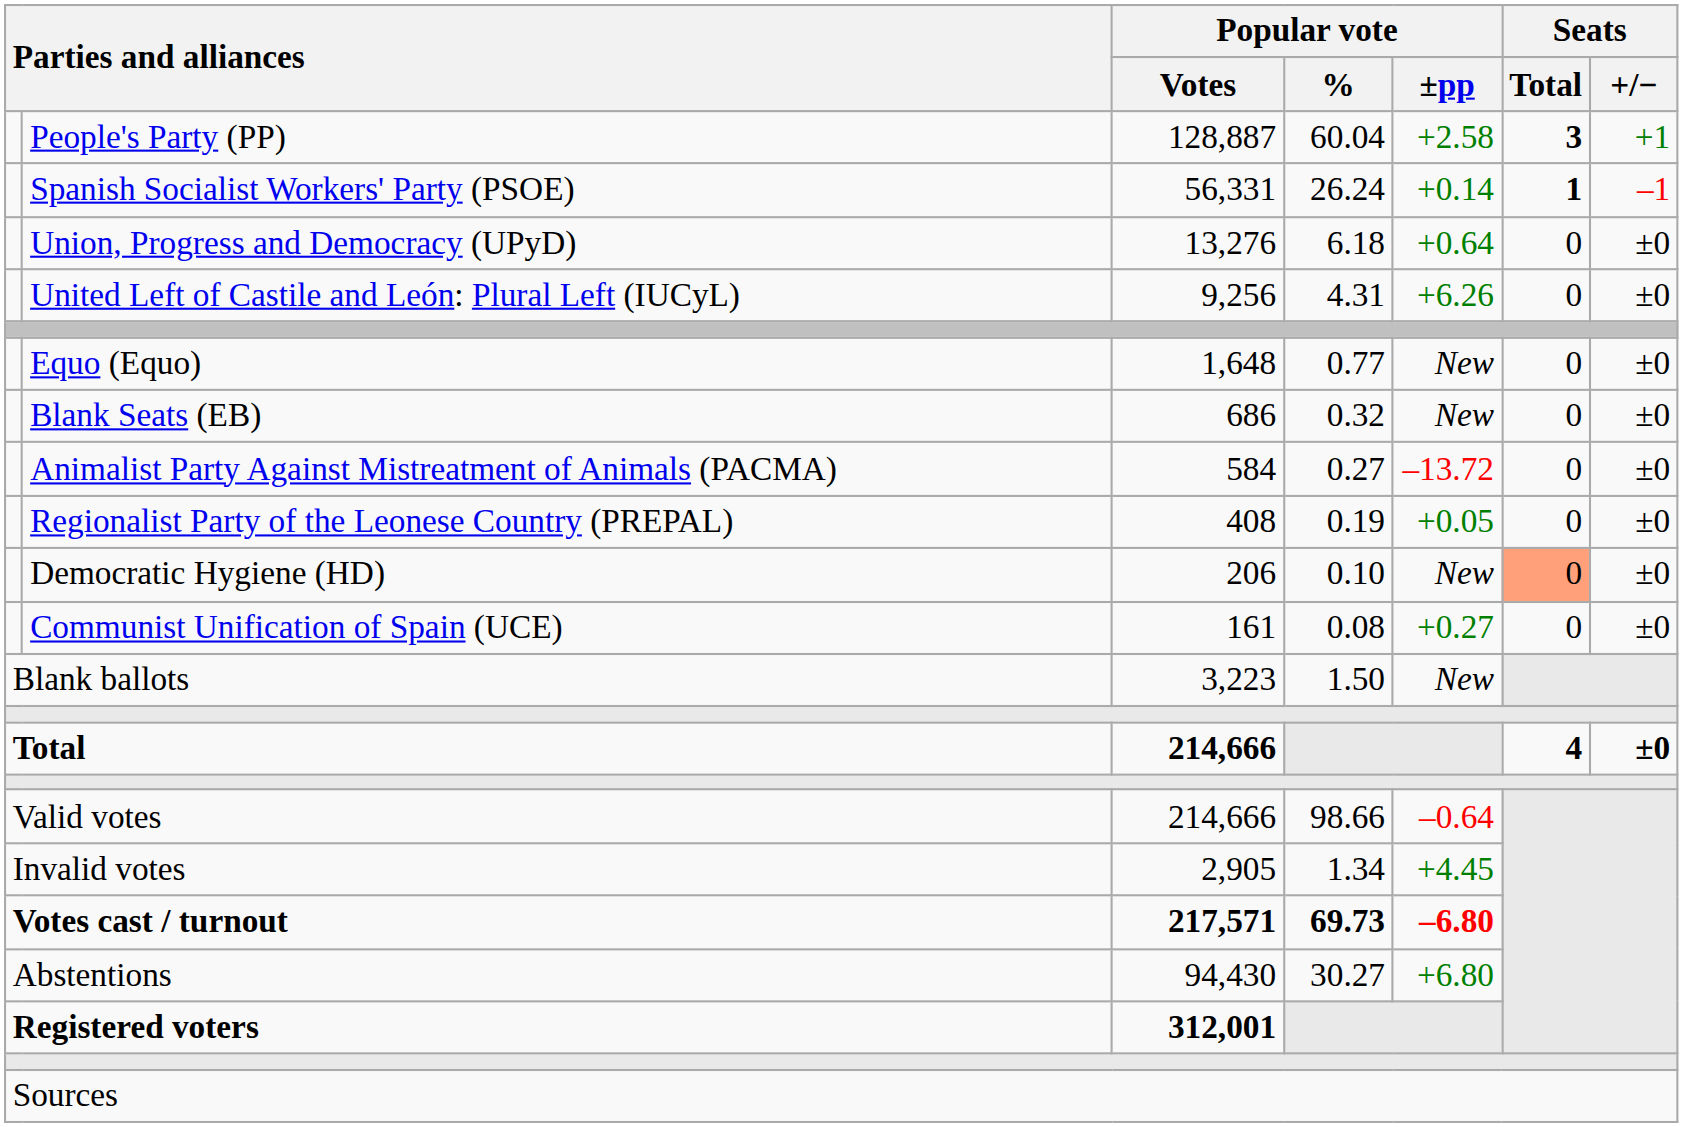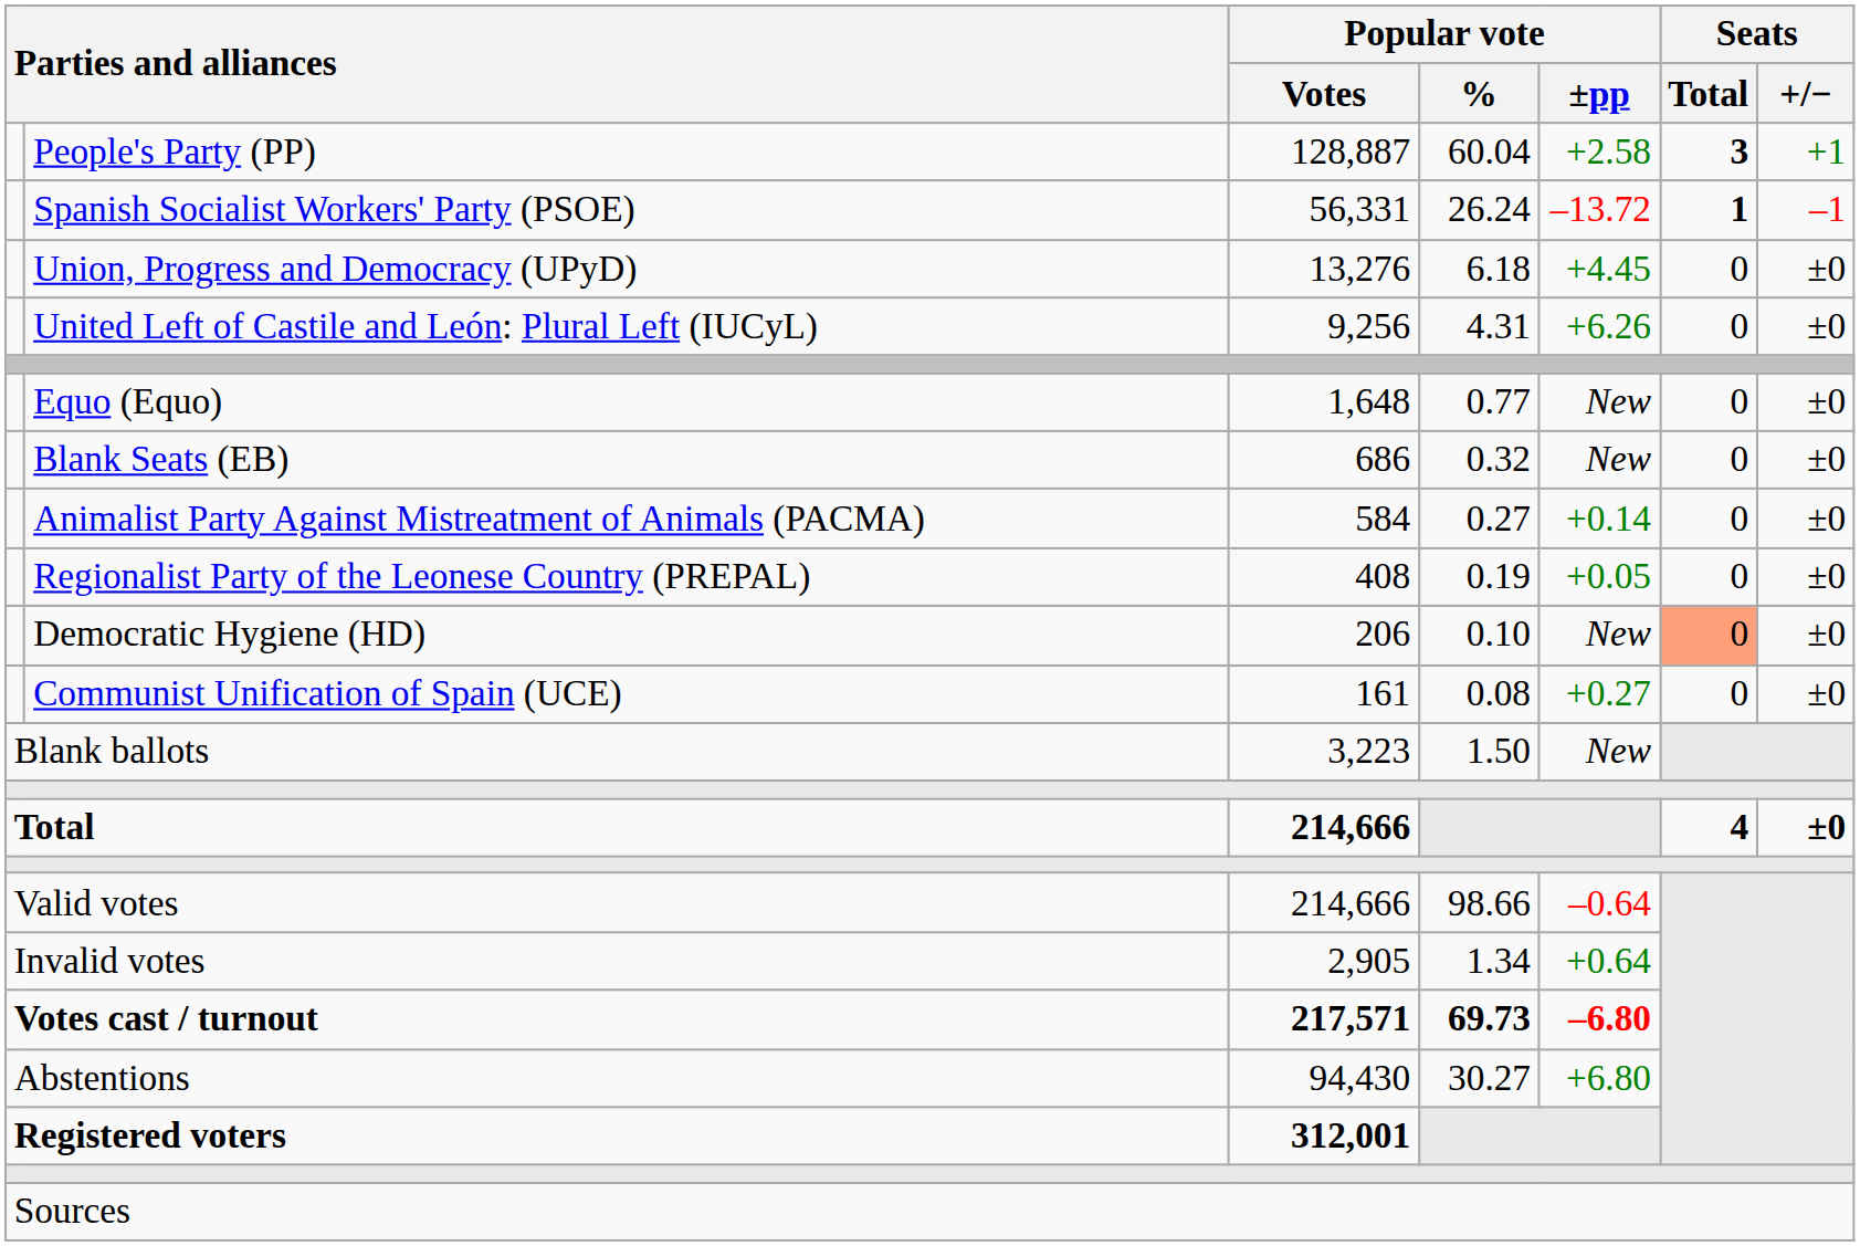 <table class="wikitable" style="text-align:right;">
 <tr>
 <th style="text-align:left;" rowspan="2" colspan="2" width="525">Parties and alliances</th>
 <th colspan="3">Popular vote</th>
 <th colspan="2">Seats</th>
 </tr>
 <tr>
 <th width="75">Votes</th>
 <th width="45">%</th>
 <th width="45">±<a href='#'>pp</a></th>
 <th width="35">Total</th>
 <th width="35">+/−</th>
 </tr>
 <tr>
 <td width="1" style="color:inherit;background:"></td>
 <td align="left"><a href='#'>People's Party</a> (PP)</td>
 <td>128,887</td>
 <td>60.04</td>
 <td style="color:green;">+2.58</td>
 <td><strong>3</strong></td>
 <td style="color:green;">+1</td>
 </tr>
 <tr>
 <td style="color:inherit;background:"></td>
 <td align="left"><a href='#'>Spanish Socialist Workers' Party</a> (PSOE)</td>
 <td>56,331</td>
 <td>26.24</td>
-<td style="color:green;">+0.14</td>
+<td style="color:red;">–13.72</td>
 <td><strong>1</strong></td>
 <td style="color:red;">–1</td>
 </tr>
 <tr>
 <td style="color:inherit;background:"></td>
 <td align="left"><a href='#'>Union, Progress and Democracy</a> (UPyD)</td>
 <td>13,276</td>
 <td>6.18</td>
-<td style="color:green;">+0.64</td>
+<td style="color:green;">+4.45</td>
 <td>0</td>
 <td>±0</td>
 </tr>
 <tr>
 <td style="color:inherit;background:"></td>
 <td align="left"><a href='#'>United Left of Castile and León</a>: <a href='#'>Plural Left</a> (IUCyL)</td>
 <td>9,256</td>
 <td>4.31</td>
 <td style="color:green;">+6.26</td>
 <td>0</td>
 <td>±0</td>
 </tr>
 <tr>
 <td colspan="7" bgcolor="#C0C0C0"></td>
 </tr>
 <tr>
 <td style="color:inherit;background:"></td>
 <td align="left"><a href='#'>Equo</a> (Equo)</td>
 <td>1,648</td>
 <td>0.77</td>
 <td><em>New</em></td>
 <td>0</td>
 <td>±0</td>
 </tr>
 <tr>
 <td style="color:inherit;background:"></td>
 <td align="left"><a href='#'>Blank Seats</a> (EB)</td>
 <td>686</td>
 <td>0.32</td>
 <td><em>New</em></td>
 <td>0</td>
 <td>±0</td>
 </tr>
 <tr>
 <td style="color:inherit;background:"></td>
 <td align="left"><a href='#'>Animalist Party Against Mistreatment of Animals</a> (PACMA)</td>
 <td>584</td>
 <td>0.27</td>
-<td style="color:red;">–13.72</td>
+<td style="color:green;">+0.14</td>
 <td>0</td>
 <td>±0</td>
 </tr>
 <tr>
 <td style="color:inherit;background:"></td>
 <td align="left"><a href='#'>Regionalist Party of the Leonese Country</a> (PREPAL)</td>
 <td>408</td>
 <td>0.19</td>
 <td style="color:green;">+0.05</td>
 <td>0</td>
 <td>±0</td>
 </tr>
 <tr>
 <td style="color:inherit;background:"></td>
 <td align="left">Democratic Hygiene (HD)</td>
 <td>206</td>
 <td>0.10</td>
 <td><em>New</em></td>
 <td style="background: lightsalmon;">0</td>
 <td>±0</td>
 </tr>
 <tr>
 <td style="color:inherit;background:"></td>
 <td align="left"><a href='#'>Communist Unification of Spain</a> (UCE)</td>
 <td>161</td>
 <td>0.08</td>
 <td style="color:green;">+0.27</td>
 <td>0</td>
 <td>±0</td>
 </tr>
 <tr>
 <td align="left" colspan="2">Blank ballots</td>
 <td>3,223</td>
 <td>1.50</td>
 <td><em>New</em></td>
 <td bgcolor="#E9E9E9" colspan="2"></td>
 </tr>
 <tr>
 <td colspan="7" bgcolor="#E9E9E9"></td>
 </tr>
 <tr style="font-weight:bold;">
 <td align="left" colspan="2">Total</td>
 <td>214,666</td>
 <td bgcolor="#E9E9E9" colspan="2"></td>
 <td>4</td>
 <td>±0</td>
 </tr>
 <tr>
 <td colspan="7" bgcolor="#E9E9E9"></td>
 </tr>
 <tr>
 <td align="left" colspan="2">Valid votes</td>
 <td>214,666</td>
 <td>98.66</td>
 <td style="color:red;">–0.64</td>
 <td bgcolor="#E9E9E9" colspan="2" rowspan="5"></td>
 </tr>
 <tr>
 <td align="left" colspan="2">Invalid votes</td>
 <td>2,905</td>
 <td>1.34</td>
-<td style="color:green;">+4.45</td>
+<td style="color:green;">+0.64</td>
 </tr>
 <tr style="font-weight:bold;">
 <td align="left" colspan="2">Votes cast / turnout</td>
 <td>217,571</td>
 <td>69.73</td>
 <td style="color:red;">–6.80</td>
 </tr>
 <tr>
 <td align="left" colspan="2">Abstentions</td>
 <td>94,430</td>
 <td>30.27</td>
 <td style="color:green;">+6.80</td>
 </tr>
 <tr style="font-weight:bold;">
 <td align="left" colspan="2">Registered voters</td>
 <td>312,001</td>
 <td bgcolor="#E9E9E9" colspan="2"></td>
 </tr>
 <tr>
 <td colspan="7" bgcolor="#E9E9E9"></td>
 </tr>
 <tr>
 <td align="left" colspan="7">Sources</td>
 </tr>
 </table>
